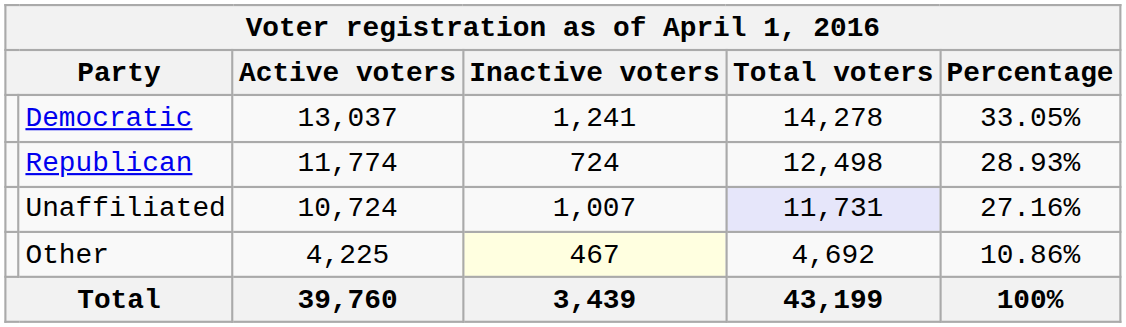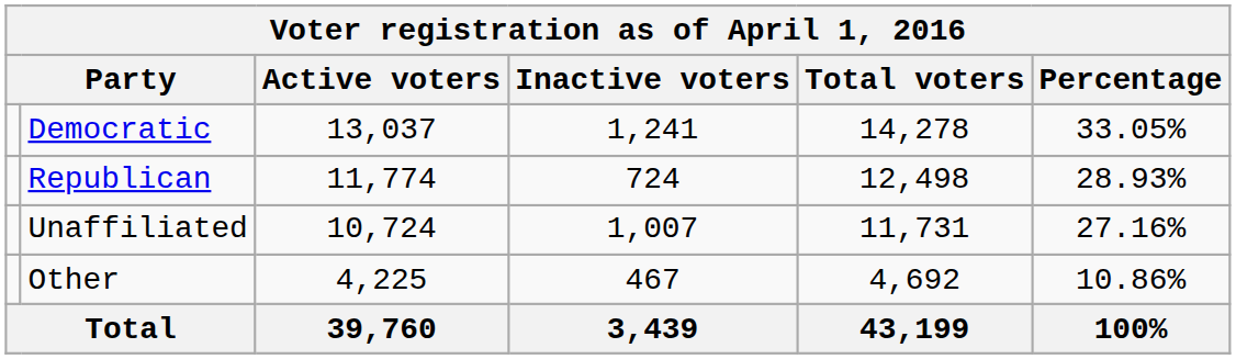 <table class=wikitable style="margin-left: auto; margin-right: auto; border: none">
 <tr>
 <th colspan = 6>Voter registration as of April 1, 2016</th>
 </tr>
 <tr>
 <th colspan = 2>Party</th>
 <th>Active voters</th>
 <th>Inactive voters</th>
 <th>Total voters</th>
 <th>Percentage</th>
 </tr>
 <tr>
 <td></td>
 <td><a href='#'>Democratic</a></td>
 <td style="text-align:center;">13,037</td>
 <td style="text-align:center;">1,241</td>
 <td style="text-align:center;">14,278</td>
 <td style="text-align:center;">33.05%</td>
 </tr>
 <tr>
 <td></td>
 <td><a href='#'>Republican</a></td>
 <td style="text-align:center;">11,774</td>
 <td style="text-align:center;">724</td>
 <td style="text-align:center;">12,498</td>
 <td style="text-align:center;">28.93%</td>
 </tr>
 <tr>
 <td></td>
 <td>Unaffiliated</td>
 <td style="text-align:center;">10,724</td>
 <td style="text-align:center;">1,007</td>
-<td style="background: lavender; text-align:center;">11,731</td>
+<td style="text-align:center;">11,731</td>
 <td style="text-align:center;">27.16%</td>
 </tr>
 <tr>
 <td></td>
 <td>Other</td>
 <td style="text-align:center;">4,225</td>
-<td style="background: lightyellow; text-align:center;">467</td>
+<td style="text-align:center;">467</td>
 <td style="text-align:center;">4,692</td>
 <td style="text-align:center;">10.86%</td>
 </tr>
 <tr>
 <th colspan = 2>Total</th>
 <th style="text-align:center;">39,760</th>
 <th style="text-align:center;">3,439</th>
 <th style="text-align:center;">43,199</th>
 <th style="text-align:center;">100%</th>
 </tr>
 </table>
